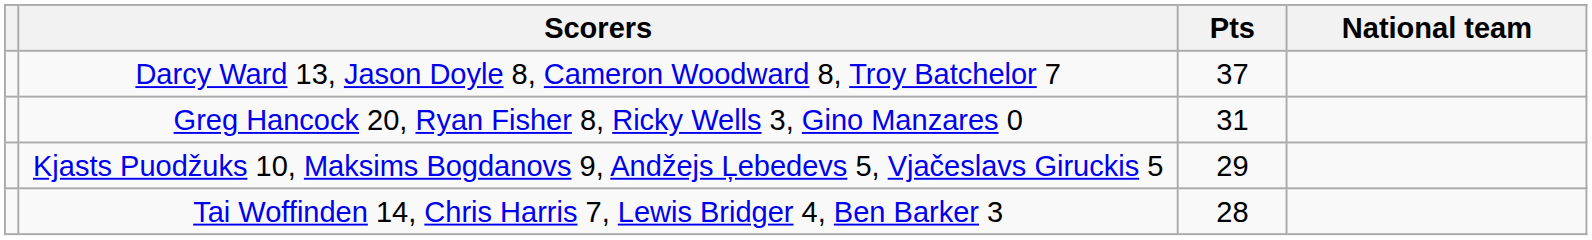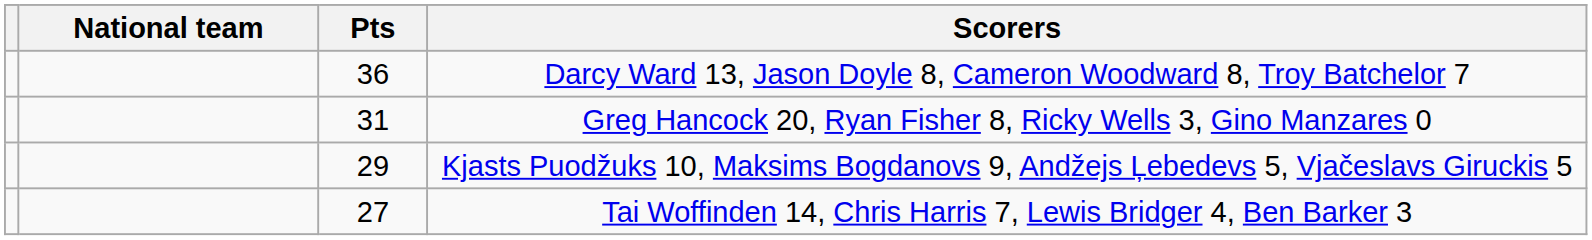 <table class=wikitable style="font-size: 95%">
 <tr>
 <th></th>
+<th width=150>National team</th>
+<th width=50>Pts</th>
 <th width=600>Scorers</th>
-<th width=50>Pts</th>
-<th width=150>National team</th>
 </tr>
 <tr align=center >
 <td></td>
+<td align=left></td>
+<td>36</td>
 <td><a href='#'>Darcy Ward</a> 13, <a href='#'>Jason Doyle</a> 8, <a href='#'>Cameron Woodward</a> 8, <a href='#'>Troy Batchelor</a> 7</td>
-<td>37</td>
-<td align=left></td>
 </tr>
 <tr align=center>
 <td></td>
+<td align=left></td>
+<td>31</td>
 <td><a href='#'>Greg Hancock</a> 20, <a href='#'>Ryan Fisher</a> 8, <a href='#'>Ricky Wells</a> 3, <a href='#'>Gino Manzares</a> 0</td>
-<td>31</td>
-<td align=left></td>
 </tr>
 <tr align=center>
 <td></td>
+<td align=left></td>
+<td>29</td>
 <td><a href='#'>Kjasts Puodžuks</a> 10, <a href='#'>Maksims Bogdanovs</a> 9, <a href='#'>Andžejs Ļebedevs</a> 5, <a href='#'>Vjačeslavs Giruckis</a> 5</td>
-<td>29</td>
-<td align=left></td>
 </tr>
 <tr align=center>
 <td></td>
+<td align=left></td>
+<td>27</td>
 <td><a href='#'>Tai Woffinden</a> 14, <a href='#'>Chris Harris</a> 7, <a href='#'>Lewis Bridger</a> 4, <a href='#'>Ben Barker</a> 3</td>
-<td>28</td>
-<td align=left></td>
 </tr>
 </table>
